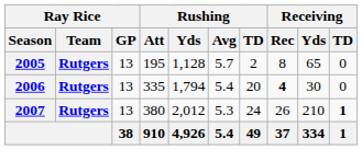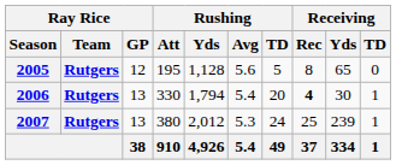 <table class="wikitable" style="text-align:center;">
 <tr>
 <th colspan="3">Ray Rice</th>
 <th colspan="4">Rushing</th>
 <th colspan="3">Receiving</th>
 </tr>
 <tr>
 <th>Season</th>
 <th>Team</th>
 <th>GP</th>
 <th>Att</th>
 <th>Yds</th>
 <th>Avg</th>
 <th>TD</th>
 <th>Rec</th>
 <th>Yds</th>
 <th>TD</th>
 </tr>
 <tr>
 <th><a href='#'>2005</a></th>
 <th><a href='#'>Rutgers</a></th>
-<td>13</td>
+<td>12</td>
 <td>195</td>
 <td>1,128</td>
-<td>5.7</td>
-<td>2</td>
+<td>5.6</td>
+<td>5</td>
 <td>8</td>
 <td>65</td>
 <td>0</td>
 </tr>
 <tr>
 <th><a href='#'>2006</a></th>
 <th><a href='#'>Rutgers</a></th>
 <td>13</td>
-<td>335</td>
+<td>330</td>
 <td>1,794</td>
 <td>5.4</td>
 <td>20</td>
 <td><strong>4</strong></td>
 <td>30</td>
-<td>0</td>
+<td>1</td>
 </tr>
 <tr>
 <th><a href='#'>2007</a></th>
 <th><a href='#'>Rutgers</a></th>
 <td>13</td>
 <td>380</td>
 <td>2,012</td>
 <td>5.3</td>
 <td>24</td>
-<td>26</td>
-<td>210</td>
-<td><strong>1</strong></td>
+<td>25</td>
+<td>239</td>
+<td>1</td>
 </tr>
 <tr>
 <th colspan="2"></th>
 <th>38</th>
 <th>910</th>
 <th>4,926</th>
 <th>5.4</th>
 <th>49</th>
 <th>37</th>
 <th>334</th>
 <th>1</th>
 </tr>
 </table>
